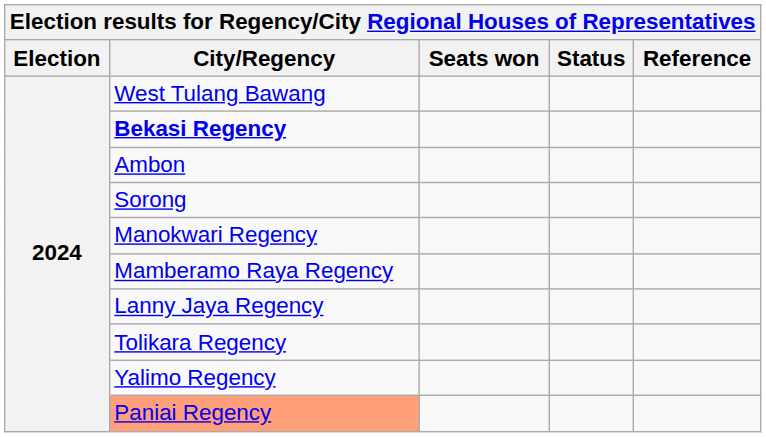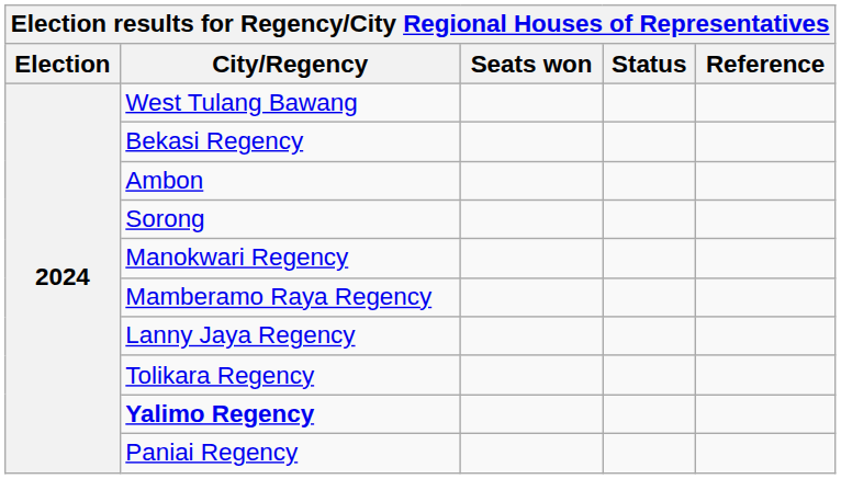 <table class="wikitable">
 <tr>
 <th colspan=5>Election results for Regency/City <a href='#'>Regional Houses of Representatives</a></th>
 </tr>
 <tr>
 <th>Election</th>
 <th>City/Regency</th>
 <th>Seats won</th>
 <th>Status</th>
 <th>Reference</th>
 </tr>
 <tr>
 <th rowspan="10">2024</th>
 <td><a href='#'>West Tulang Bawang</a></td>
 <td></td>
 <td></td>
 <td></td>
 </tr>
 <tr>
-<td><strong><a href='#'>Bekasi Regency</a></strong></td>
+<td><a href='#'>Bekasi Regency</a></td>
 <td></td>
 <td></td>
 <td></td>
 </tr>
 <tr>
 <td><a href='#'>Ambon</a></td>
 <td></td>
 <td></td>
 <td></td>
 </tr>
 <tr>
 <td><a href='#'>Sorong</a></td>
 <td></td>
 <td></td>
 <td></td>
 </tr>
 <tr>
 <td><a href='#'>Manokwari Regency</a></td>
 <td></td>
 <td></td>
 <td></td>
 </tr>
 <tr>
 <td><a href='#'>Mamberamo Raya Regency</a></td>
 <td></td>
 <td></td>
 <td></td>
 </tr>
 <tr>
 <td><a href='#'>Lanny Jaya Regency</a></td>
 <td></td>
 <td></td>
 <td></td>
 </tr>
 <tr>
 <td><a href='#'>Tolikara Regency</a></td>
 <td></td>
 <td></td>
 <td></td>
 </tr>
 <tr>
-<td><a href='#'>Yalimo Regency</a></td>
+<td><strong><a href='#'>Yalimo Regency</a></strong></td>
 <td></td>
 <td></td>
 <td></td>
 </tr>
 <tr>
-<td style="background: lightsalmon;"><a href='#'>Paniai Regency</a></td>
+<td><a href='#'>Paniai Regency</a></td>
 <td></td>
 <td></td>
 <td></td>
 </tr>
 </table>
